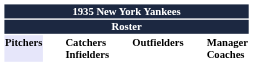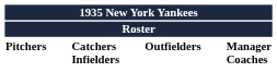 <table class="toccolours" style="font-size: 95%;">
 <tr>
 <th colspan="10" style="background-color: #1c2841; color: white; text-align: center;">1935 New York Yankees</th>
 </tr>
 <tr>
 <td colspan="10" style="background-color: #1c2841; color: white; text-align: center;"><strong>Roster</strong></td>
 </tr>
 <tr>
-<td valign="top" style="background: lavender;"><strong>Pitchers</strong><br>         </td>
+<td valign="top"><strong>Pitchers</strong><br>         </td>
 <td width="25px"></td>
 <td valign="top"><strong>Catchers</strong><br>   <strong>Infielders</strong>        </td>
 <td width="25px"></td>
 <td valign="top"><strong>Outfielders</strong><br>     </td>
 <td width="25px"></td>
 <td valign="top"><strong>Manager</strong><br> <strong>Coaches</strong>    </td>
 </tr>
 </table>
